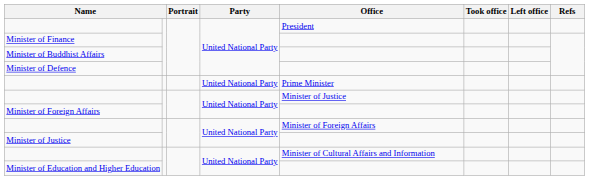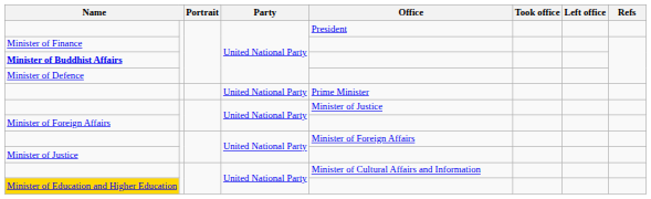 <table class="wikitable plainrowheaders sortable" style="font-size:90%; text-align:left;">
 <tr>
 <th scope=col colspan="2">Name</th>
 <th scope=col class=unsortable>Portrait</th>
 <th scope=col>Party</th>
 <th scope=col width=300px>Office</th>
 <th scope=col>Took office</th>
 <th scope=col>Left office</th>
 <th scope=col width=50px class=unsortable>Refs</th>
 </tr>
 <tr>
 <td !align="center" style="background:"></td>
 <td rowspan=4></td>
 <td align=center rowspan=4></td>
 <td rowspan=4><a href='#'>United National Party</a></td>
 <td><a href='#'>President</a></td>
 <td align=center></td>
 <td align=center></td>
 <td align=center></td>
 </tr>
 <tr>
 <td><a href='#'>Minister of Finance</a></td>
 <td align=center></td>
 <td align=center></td>
 <td align=center></td>
 </tr>
 <tr>
-<td><a href='#'>Minister of Buddhist Affairs</a></td>
+<td><strong><a href='#'>Minister of Buddhist Affairs</a></strong></td>
 <td align=center></td>
 <td align=center></td>
 <td align=center></td>
 </tr>
 <tr>
 <td><a href='#'>Minister of Defence</a></td>
 <td align=center></td>
 <td align=center></td>
 <td align=center></td>
 </tr>
 <tr>
 <td !align="center" style="background:"></td>
 <td></td>
 <td align=center></td>
 <td><a href='#'>United National Party</a></td>
 <td><a href='#'>Prime Minister</a></td>
 <td align=center></td>
 <td align=center></td>
 <td align=center></td>
 </tr>
 <tr>
 <td !align="center" style="background:"></td>
 <td rowspan=2></td>
 <td align=center rowspan=2></td>
 <td rowspan=2><a href='#'>United National Party</a></td>
 <td><a href='#'>Minister of Justice</a></td>
 <td align=center></td>
 <td align=center></td>
 <td align=center></td>
 </tr>
 <tr>
 <td><a href='#'>Minister of Foreign Affairs</a></td>
 <td align=center></td>
 <td align=center></td>
 <td align=center></td>
 </tr>
 <tr>
 <td !align="center" style="background:"></td>
 <td rowspan=2></td>
 <td align=center rowspan=2></td>
 <td rowspan=2><a href='#'>United National Party</a></td>
 <td><a href='#'>Minister of Foreign Affairs</a></td>
 <td align=center></td>
 <td align=center></td>
 <td align=center></td>
 </tr>
 <tr>
 <td><a href='#'>Minister of Justice</a></td>
 <td align=center></td>
 <td align=center></td>
 <td align=center></td>
 </tr>
 <tr>
 <td !align="center" style="background:"></td>
 <td rowspan=2></td>
 <td align=center rowspan=2></td>
 <td rowspan=2><a href='#'>United National Party</a></td>
 <td><a href='#'>Minister of Cultural Affairs and Information</a></td>
 <td align=center></td>
 <td align=center></td>
 <td align=center></td>
 </tr>
 <tr>
-<td><a href='#'>Minister of Education and Higher Education</a></td>
+<td style="background: gold;"><a href='#'>Minister of Education and Higher Education</a></td>
 <td align=center></td>
 <td align=center></td>
 <td align=center></td>
 </tr>
 </table>
